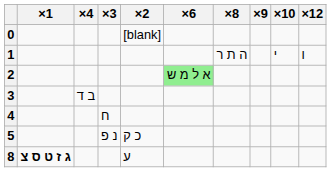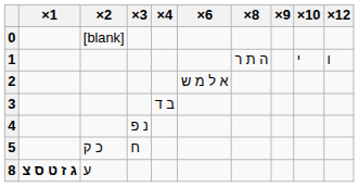 <table class="wikitable floatright" >
 <tr>
 <th></th>
 <th>×1</th>
+<th>×2</th>
+<th>×3</th>
 <th>×4</th>
-<th>×3</th>
-<th>×2</th>
 <th>×6</th>
 <th>×8</th>
 <th>×9</th>
 <th>×10</th>
 <th>×12</th>
 </tr>
 <tr>
 <th>0</th>
 <td></td>
+<td>[blank]</td>
 <td></td>
 <td></td>
-<td>[blank]</td>
 <td></td>
 <td></td>
 <td></td>
 <td></td>
 <td></td>
 </tr>
 <tr>
 <th>1</th>
 <td></td>
 <td></td>
 <td></td>
 <td></td>
 <td></td>
 <td>‎ה ת ר</td>
 <td></td>
 <td>י‎</td>
 <td>‎ו</td>
 </tr>
 <tr>
 <th>2</th>
 <td></td>
 <td></td>
 <td></td>
 <td></td>
-<td style="background: lightgreen;">א ל מ ש</td>
+<td>א ל מ ש</td>
 <td></td>
 <td></td>
 <td></td>
 <td></td>
 </tr>
 <tr>
 <th>3</th>
 <td></td>
-<td>ב ד</td>
 <td></td>
 <td></td>
+<td>ב ד</td>
 <td></td>
 <td></td>
 <td></td>
 <td></td>
 <td></td>
 </tr>
 <tr>
 <th>4</th>
 <td></td>
 <td></td>
-<td>‎ח</td>
+<td>נ פ</td>
 <td></td>
 <td></td>
 <td></td>
 <td></td>
 <td></td>
 <td></td>
 </tr>
 <tr>
 <th>5</th>
 <td></td>
+<td>כ ק‎</td>
+<td>‎ח</td>
 <td></td>
-<td>נ פ</td>
-<td>כ ק‎</td>
 <td></td>
 <td></td>
 <td></td>
 <td></td>
 <td></td>
 </tr>
 <tr>
 <th>8</th>
 <td><strong>ג ז ט ס צ</strong></td>
+<td>‎ע</td>
 <td></td>
 <td></td>
-<td>‎ע</td>
 <td></td>
 <td></td>
 <td></td>
 <td></td>
 <td></td>
 </tr>
 </table>
